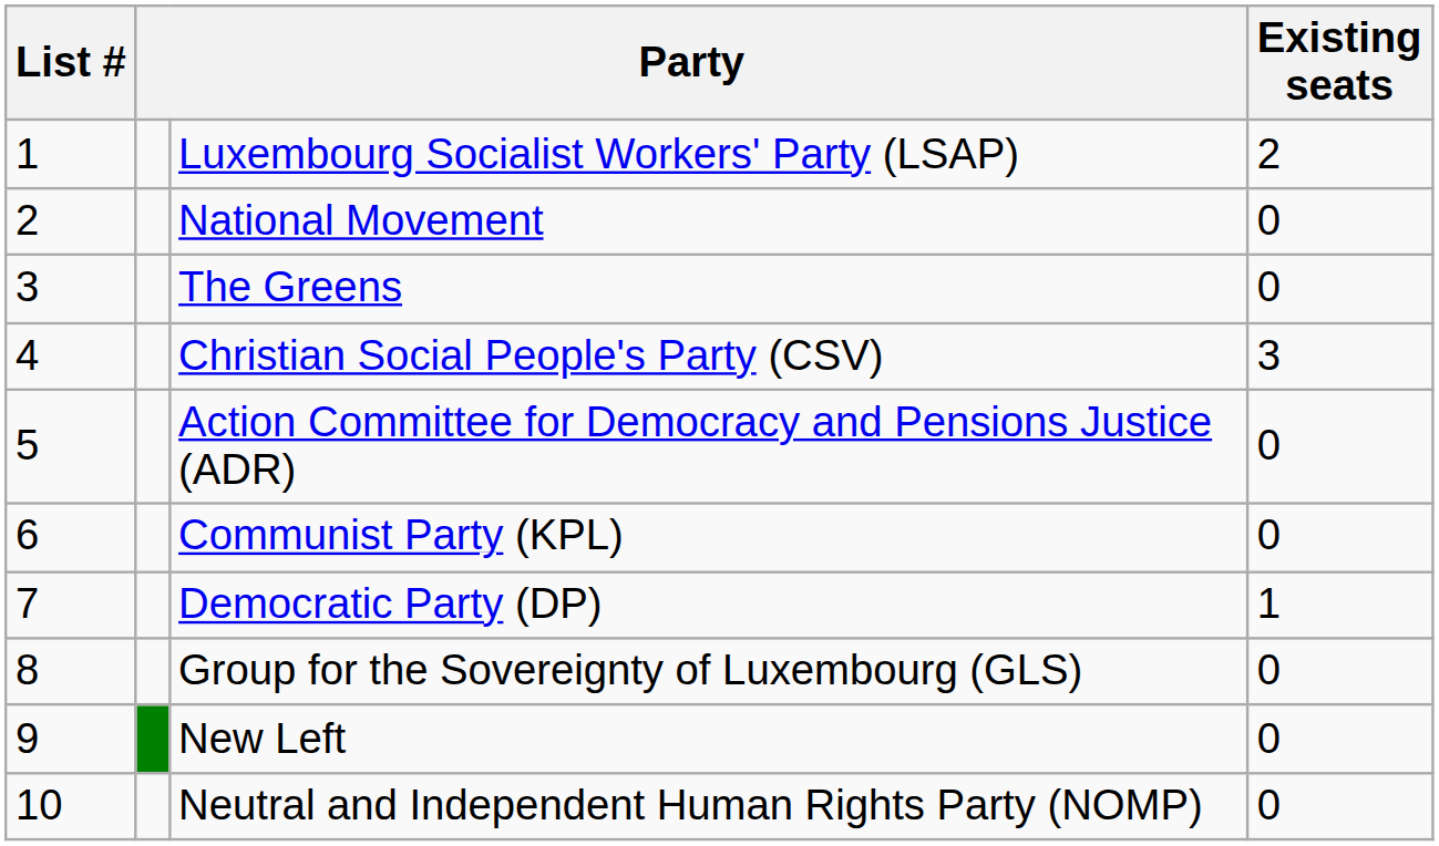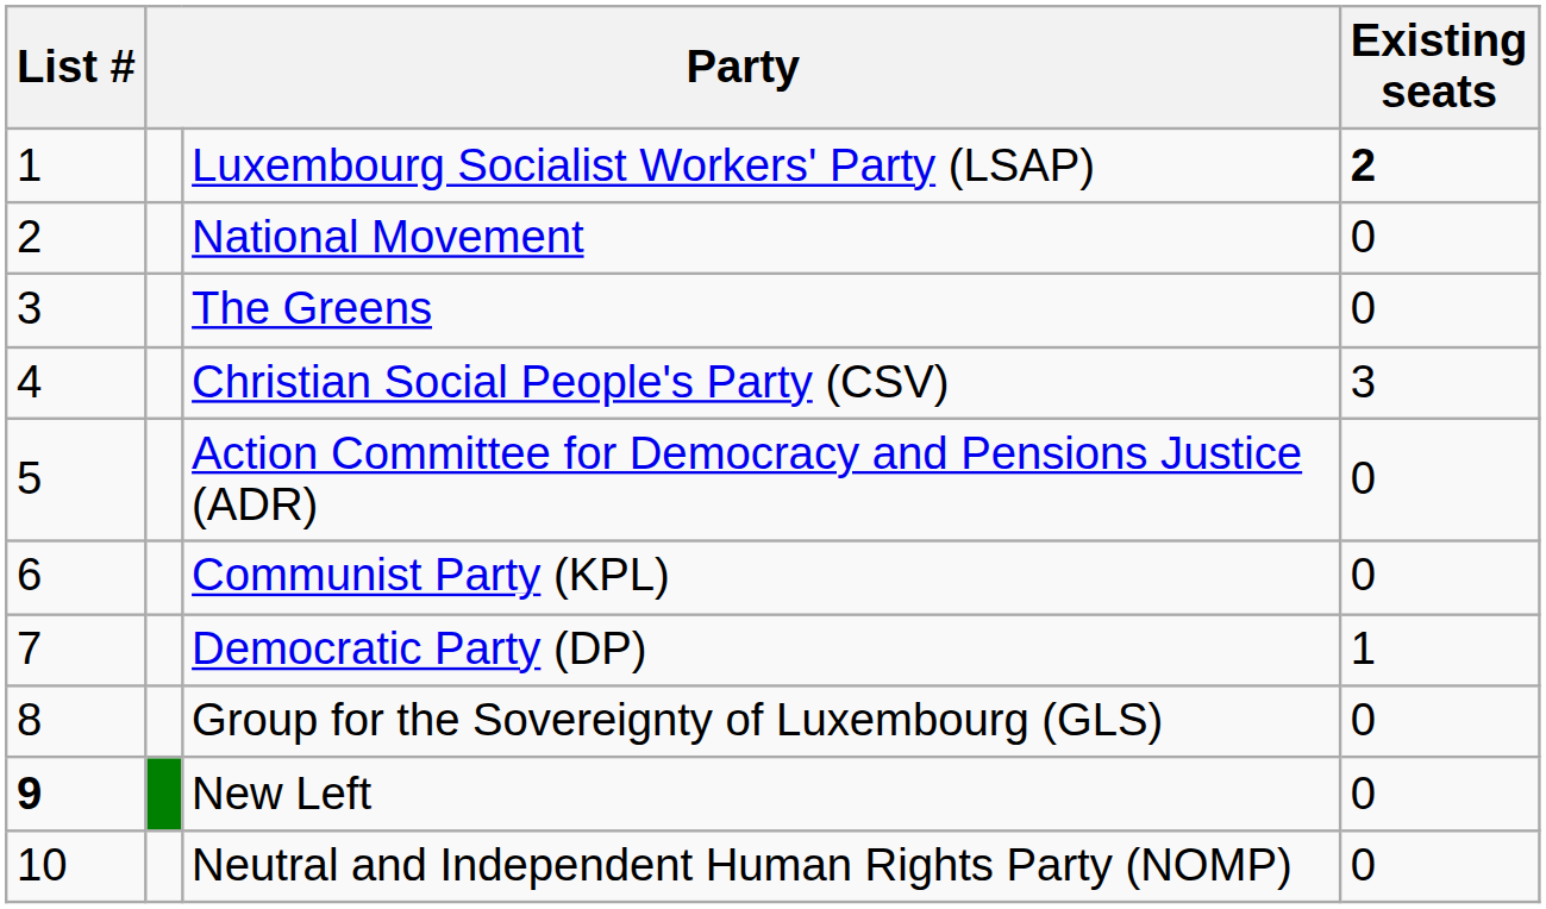 <table class="wikitable">
 <tr>
 <th>List #</th>
 <th colspan=2>Party</th>
 <th width=50px>Existing <br> seats</th>
 </tr>
 <tr>
 <td>1</td>
 <td style="background-color: "></td>
 <td><a href='#'>Luxembourg Socialist Workers' Party</a> (LSAP)</td>
-<td>2</td>
+<td><strong>2</strong></td>
 </tr>
 <tr>
 <td>2</td>
 <td width=5px style="background-color: "></td>
 <td width=400px><a href='#'>National Movement</a></td>
 <td>0</td>
 </tr>
 <tr>
 <td>3</td>
 <td style="background-color: "></td>
 <td><a href='#'>The Greens</a></td>
 <td>0</td>
 </tr>
 <tr>
 <td>4</td>
 <td style="background-color: "></td>
 <td><a href='#'>Christian Social People's Party</a> (CSV)</td>
 <td>3</td>
 </tr>
 <tr>
 <td>5</td>
 <td style="background-color: "></td>
 <td><a href='#'>Action Committee for Democracy and Pensions Justice</a> (ADR)</td>
 <td>0</td>
 </tr>
 <tr>
 <td>6</td>
 <td width=5px style="background-color: "></td>
 <td><a href='#'>Communist Party</a> (KPL)</td>
 <td>0</td>
 </tr>
 <tr>
 <td>7</td>
 <td style="background-color: "></td>
 <td><a href='#'>Democratic Party</a> (DP)</td>
 <td>1</td>
 </tr>
 <tr>
 <td>8</td>
 <td></td>
 <td>Group for the Sovereignty of Luxembourg (GLS)</td>
 <td>0</td>
 </tr>
 <tr>
-<td>9</td>
+<td><strong>9</strong></td>
 <td style="background-color:green"></td>
 <td>New Left</td>
 <td>0</td>
 </tr>
 <tr>
 <td>10</td>
 <td></td>
 <td>Neutral and Independent Human Rights Party (NOMP)</td>
 <td>0</td>
 </tr>
 </table>
